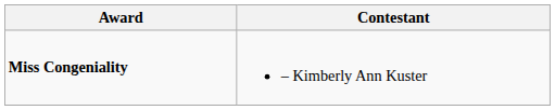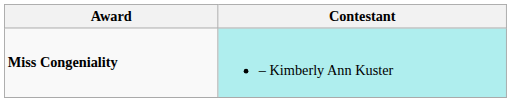 <table class="wikitable sortable" style="font-size:95%;">
 <tr>
 <th width="220">Award</th>
 <th width="300">Contestant</th>
 </tr>
 <tr>
 <td><strong>Miss Congeniality</strong></td>
-<td><br><ul><li><strong></strong> – Kimberly Ann Kuster</li></ul></td>
+<td style="background: paleturquoise;"><br><ul><li><strong></strong> – Kimberly Ann Kuster</li></ul></td>
 </tr>
 <tr>
 </tr>
 </table>
